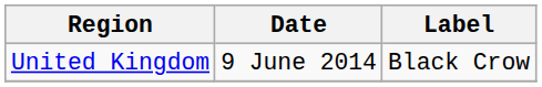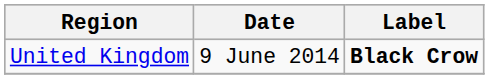 <table class=wikitable>
 <tr>
 <th>Region</th>
 <th>Date</th>
 <th>Label</th>
 </tr>
 <tr>
 <td><a href='#'>United Kingdom</a></td>
 <td>9 June 2014</td>
-<td>Black Crow</td>
+<td><strong>Black Crow</strong></td>
 </tr>
 <tr>
 </tr>
 </table>
